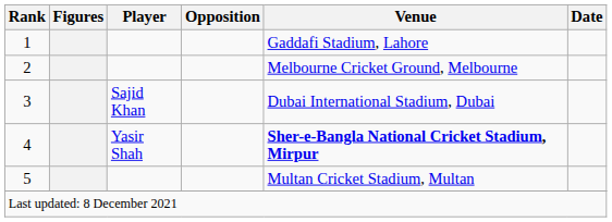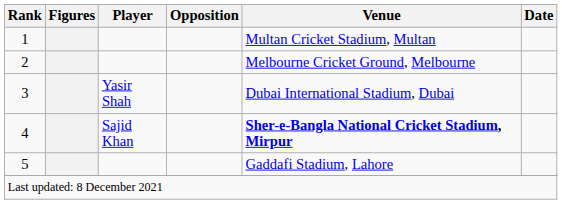 <table class="wikitable plainrowheaders sortable">
 <tr>
 <th scope="col">Rank</th>
 <th scope="col">Figures</th>
 <th scope="col">Player</th>
 <th scope="col">Opposition</th>
 <th scope="col">Venue</th>
 <th scope="col">Date</th>
 </tr>
 <tr>
 <td align=center>1</td>
 <th scope="row" style="text-align:center;"></th>
 <td></td>
 <td></td>
-<td><a href='#'>Gaddafi Stadium</a>, <a href='#'>Lahore</a></td>
+<td><a href='#'>Multan Cricket Stadium</a>, <a href='#'>Multan</a></td>
 <td></td>
 </tr>
 <tr>
 <td align=center>2</td>
 <th scope="row" style="text-align:center;"></th>
 <td></td>
 <td></td>
 <td><a href='#'>Melbourne Cricket Ground</a>, <a href='#'>Melbourne</a></td>
 <td></td>
 </tr>
 <tr>
 <td align=center>3</td>
 <th scope="row" style="text-align:center;"></th>
-<td><a href='#'>Sajid Khan</a></td>
+<td><a href='#'>Yasir Shah</a></td>
 <td></td>
 <td><a href='#'>Dubai International Stadium</a>, <a href='#'>Dubai</a></td>
 <td></td>
 </tr>
 <tr>
 <td align=center>4</td>
 <th scope="row" style="text-align:center;"></th>
-<td><a href='#'>Yasir Shah</a></td>
+<td><a href='#'>Sajid Khan</a></td>
 <td></td>
 <td><strong><a href='#'>Sher-e-Bangla National Cricket Stadium</a>, <a href='#'>Mirpur</a></strong></td>
 <td></td>
 </tr>
 <tr>
 <td align="center">5</td>
 <th scope="row" style="text-align:center;"></th>
 <td></td>
 <td></td>
-<td><a href='#'>Multan Cricket Stadium</a>, <a href='#'>Multan</a></td>
+<td><a href='#'>Gaddafi Stadium</a>, <a href='#'>Lahore</a></td>
 <td></td>
 </tr>
 <tr>
 </tr>
 <tr class="sortbottom">
 <td colspan="6"><small>Last updated: 8 December 2021</small></td>
 </tr>
 </table>
